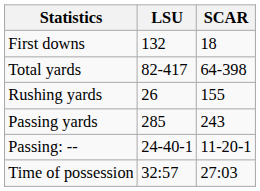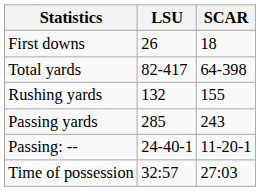 <table class="wikitable" style="float: left;">
 <tr>
 <th>Statistics</th>
 <th>LSU</th>
 <th>SCAR</th>
 </tr>
 <tr>
 <td>First downs</td>
-<td>132</td>
+<td>26</td>
 <td>18</td>
 </tr>
 <tr>
 <td>Total yards</td>
 <td>82-417</td>
 <td>64-398</td>
 </tr>
 <tr>
 <td>Rushing yards</td>
-<td>26</td>
+<td>132</td>
 <td>155</td>
 </tr>
 <tr>
 <td>Passing yards</td>
 <td>285</td>
 <td>243</td>
 </tr>
 <tr>
 <td>Passing: --</td>
 <td>24-40-1</td>
 <td>11-20-1</td>
 </tr>
 <tr>
 <td>Time of possession</td>
 <td>32:57</td>
 <td>27:03</td>
 </tr>
 </table>
